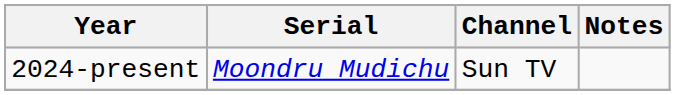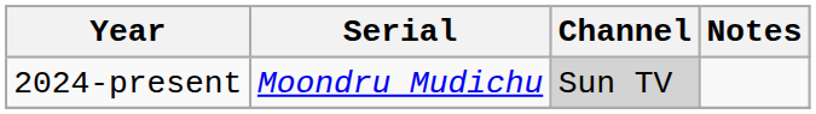 <table class="wikitable sortable">
 <tr style="background:#ccc; text-align:center;">
 <th>Year</th>
 <th>Serial</th>
 <th>Channel</th>
 <th>Notes</th>
 </tr>
 <tr>
 <td>2024-present</td>
 <td><em><a href='#'>Moondru Mudichu</a></em></td>
-<td>Sun TV</td>
+<td style="background: lightgrey;">Sun TV</td>
 <td></td>
 </tr>
 <tr>
 </tr>
 </table>
